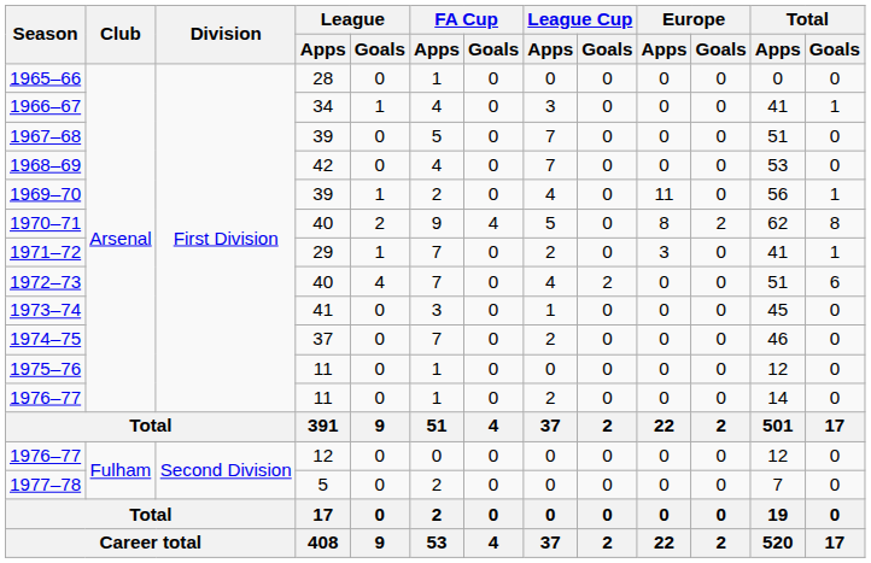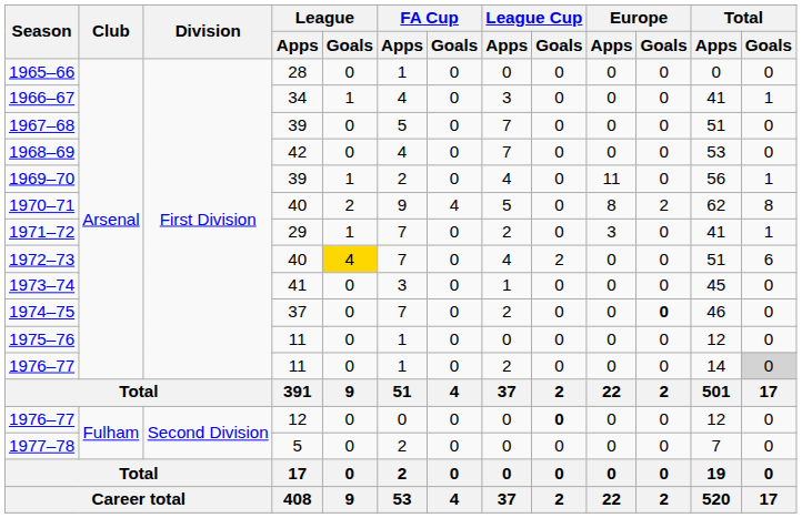 <table class="wikitable" style="text-align:center;">
 <tr>
 <th rowspan="2">Season</th>
 <th rowspan="2">Club</th>
 <th rowspan="2">Division</th>
 <th colspan="2">League</th>
 <th colspan="2"><a href='#'>FA Cup</a></th>
 <th colspan="2"><a href='#'>League Cup</a></th>
 <th colspan="2">Europe</th>
 <th colspan="2">Total</th>
 </tr>
 <tr>
 <th>Apps</th>
 <th>Goals</th>
 <th>Apps</th>
 <th>Goals</th>
 <th>Apps</th>
 <th>Goals</th>
 <th>Apps</th>
 <th>Goals</th>
 <th>Apps</th>
 <th>Goals</th>
 </tr>
 <tr>
 <td><a href='#'>1965–66</a></td>
 <td rowspan="12"><a href='#'>Arsenal</a></td>
 <td rowspan="12"><a href='#'>First Division</a></td>
 <td>28</td>
 <td>0</td>
 <td>1</td>
 <td>0</td>
 <td>0</td>
 <td>0</td>
 <td>0</td>
 <td>0</td>
 <td>0</td>
 <td>0</td>
 </tr>
 <tr>
 <td><a href='#'>1966–67</a></td>
 <td>34</td>
 <td>1</td>
 <td>4</td>
 <td>0</td>
 <td>3</td>
 <td>0</td>
 <td>0</td>
 <td>0</td>
 <td>41</td>
 <td>1</td>
 </tr>
 <tr>
 <td><a href='#'>1967–68</a></td>
 <td>39</td>
 <td>0</td>
 <td>5</td>
 <td>0</td>
 <td>7</td>
 <td>0</td>
 <td>0</td>
 <td>0</td>
 <td>51</td>
 <td>0</td>
 </tr>
 <tr>
 <td><a href='#'>1968–69</a></td>
 <td>42</td>
 <td>0</td>
 <td>4</td>
 <td>0</td>
 <td>7</td>
 <td>0</td>
 <td>0</td>
 <td>0</td>
 <td>53</td>
 <td>0</td>
 </tr>
 <tr>
 <td><a href='#'>1969–70</a></td>
 <td>39</td>
 <td>1</td>
 <td>2</td>
 <td>0</td>
 <td>4</td>
 <td>0</td>
 <td>11</td>
 <td>0</td>
 <td>56</td>
 <td>1</td>
 </tr>
 <tr>
 <td><a href='#'>1970–71</a></td>
 <td>40</td>
 <td>2</td>
 <td>9</td>
 <td>4</td>
 <td>5</td>
 <td>0</td>
 <td>8</td>
 <td>2</td>
 <td>62</td>
 <td>8</td>
 </tr>
 <tr>
 <td><a href='#'>1971–72</a></td>
 <td>29</td>
 <td>1</td>
 <td>7</td>
 <td>0</td>
 <td>2</td>
 <td>0</td>
 <td>3</td>
 <td>0</td>
 <td>41</td>
 <td>1</td>
 </tr>
 <tr>
 <td><a href='#'>1972–73</a></td>
 <td>40</td>
-<td>4</td>
+<td style="background: gold;">4</td>
 <td>7</td>
 <td>0</td>
 <td>4</td>
 <td>2</td>
 <td>0</td>
 <td>0</td>
 <td>51</td>
 <td>6</td>
 </tr>
 <tr>
 <td><a href='#'>1973–74</a></td>
 <td>41</td>
 <td>0</td>
 <td>3</td>
 <td>0</td>
 <td>1</td>
 <td>0</td>
 <td>0</td>
 <td>0</td>
 <td>45</td>
 <td>0</td>
 </tr>
 <tr>
 <td><a href='#'>1974–75</a></td>
 <td>37</td>
 <td>0</td>
 <td>7</td>
 <td>0</td>
 <td>2</td>
 <td>0</td>
 <td>0</td>
-<td>0</td>
+<td><strong>0</strong></td>
 <td>46</td>
 <td>0</td>
 </tr>
 <tr>
 <td><a href='#'>1975–76</a></td>
 <td>11</td>
 <td>0</td>
 <td>1</td>
 <td>0</td>
 <td>0</td>
 <td>0</td>
 <td>0</td>
 <td>0</td>
 <td>12</td>
 <td>0</td>
 </tr>
 <tr>
 <td><a href='#'>1976–77</a></td>
 <td>11</td>
 <td>0</td>
 <td>1</td>
 <td>0</td>
 <td>2</td>
 <td>0</td>
 <td>0</td>
 <td>0</td>
 <td>14</td>
-<td>0</td>
+<td style="background: lightgrey;">0</td>
 </tr>
 <tr>
 <th colspan="3">Total</th>
 <th>391</th>
 <th>9</th>
 <th>51</th>
 <th>4</th>
 <th>37</th>
 <th>2</th>
 <th>22</th>
 <th>2</th>
 <th>501</th>
 <th>17</th>
 </tr>
 <tr>
 <td><a href='#'>1976–77</a></td>
 <td rowspan="2"><a href='#'>Fulham</a></td>
 <td rowspan="2"><a href='#'>Second Division</a></td>
 <td>12</td>
 <td>0</td>
 <td>0</td>
 <td>0</td>
 <td>0</td>
-<td>0</td>
+<td><strong>0</strong></td>
 <td>0</td>
 <td>0</td>
 <td>12</td>
 <td>0</td>
 </tr>
 <tr>
 <td><a href='#'>1977–78</a></td>
 <td>5</td>
 <td>0</td>
 <td>2</td>
 <td>0</td>
 <td>0</td>
 <td>0</td>
 <td>0</td>
 <td>0</td>
 <td>7</td>
 <td>0</td>
 </tr>
 <tr>
 <th colspan="3">Total</th>
 <th>17</th>
 <th>0</th>
 <th>2</th>
 <th>0</th>
 <th>0</th>
 <th>0</th>
 <th>0</th>
 <th>0</th>
 <th>19</th>
 <th>0</th>
 </tr>
 <tr>
 <th colspan="3">Career total</th>
 <th>408</th>
 <th>9</th>
 <th>53</th>
 <th>4</th>
 <th>37</th>
 <th>2</th>
 <th>22</th>
 <th>2</th>
 <th>520</th>
 <th>17</th>
 </tr>
 </table>
